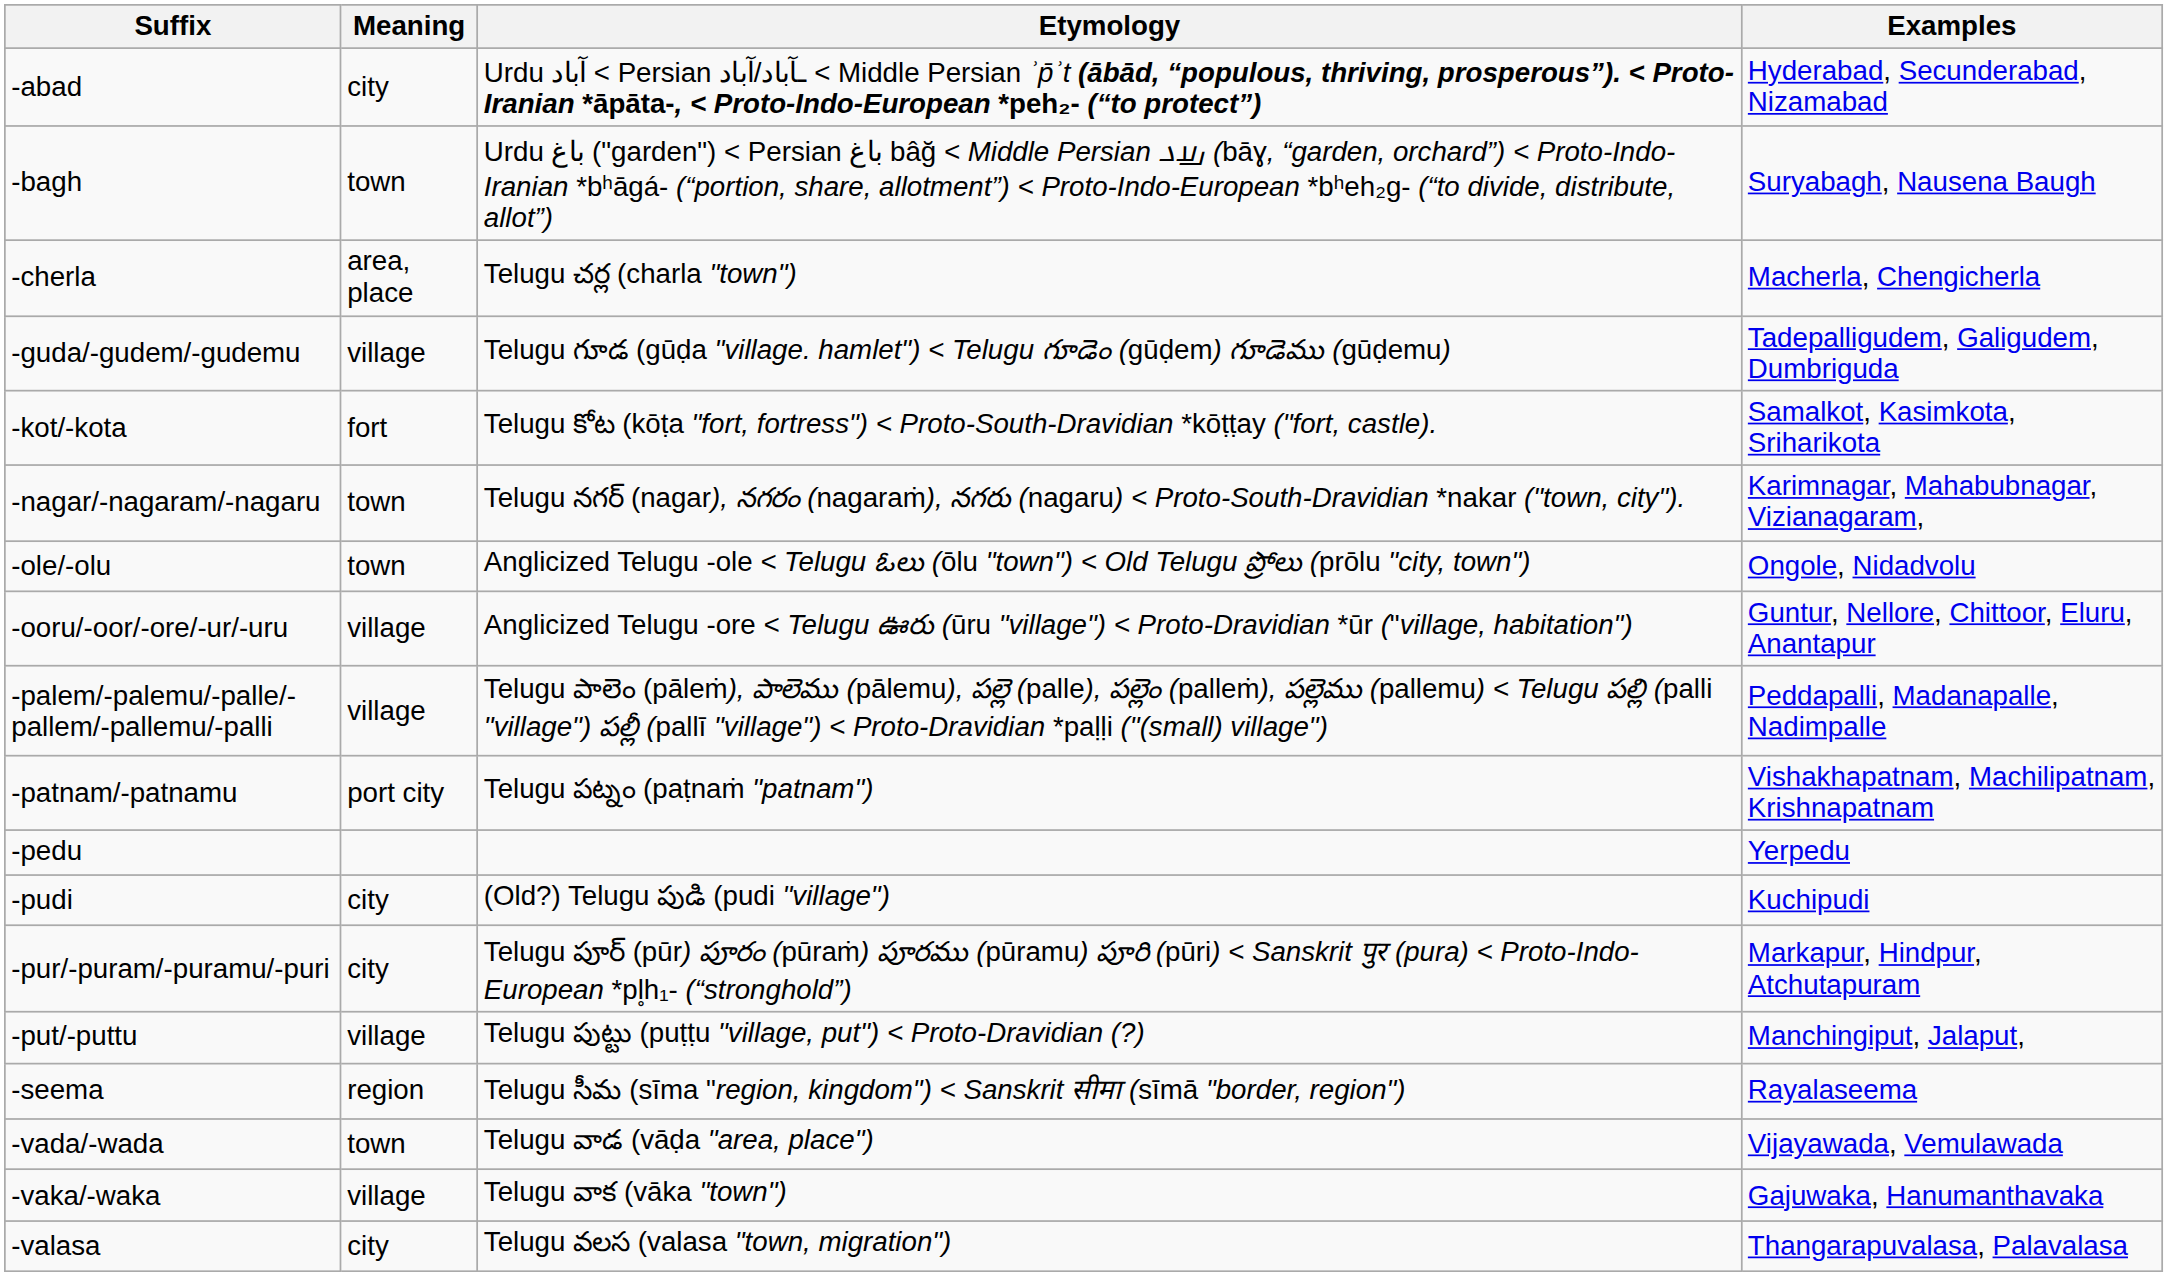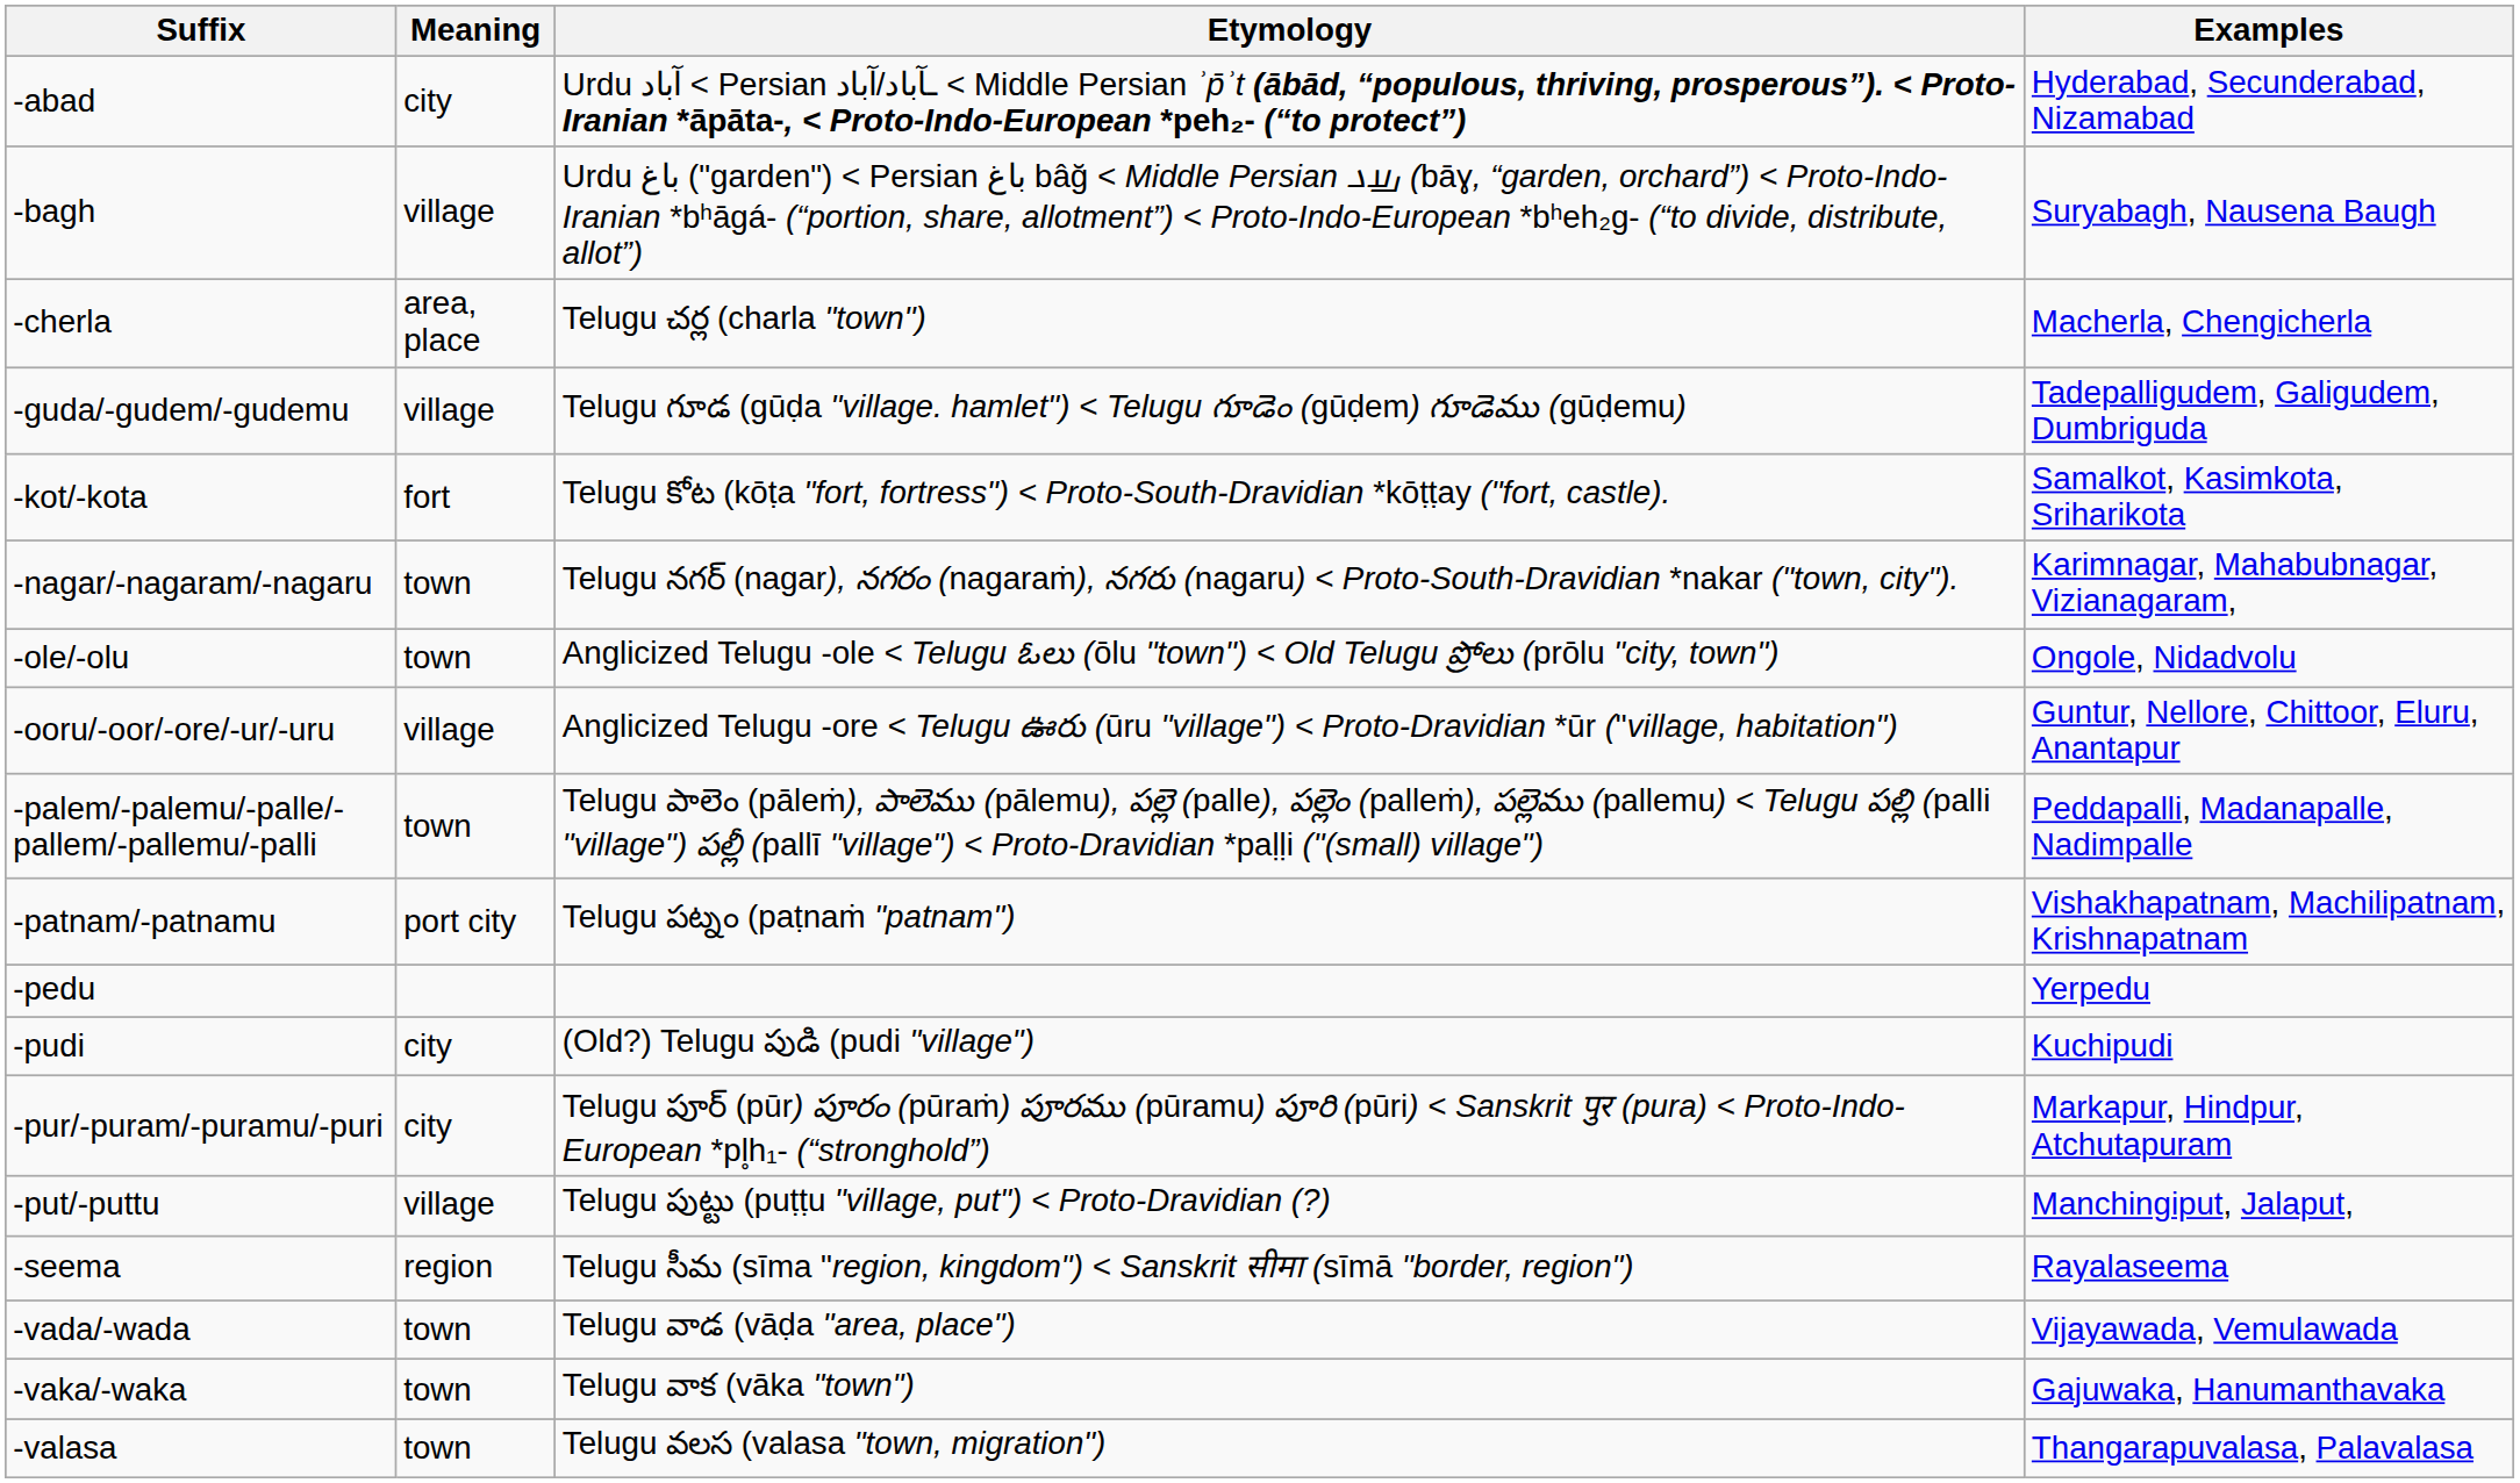 <table class="wikitable sortable">
 <tr>
 <th>Suffix</th>
 <th>Meaning</th>
 <th>Etymology</th>
 <th>Examples</th>
 </tr>
 <tr>
 <td>-abad</td>
 <td>city</td>
 <td>Urdu آباد < Persian ـآباد/آباد < Middle Persian <em>ʾp̄ʾt<strong> (ābād, “populous, thriving, prosperous”). < Proto-Iranian </em>*āpāta-<em>, < Proto-Indo-European </em>*peh₂-<em> (“to protect”)</td>
 <td><a href='#'>Hyderabad</a>, <a href='#'>Secunderabad</a>, <a href='#'>Nizamabad</a></td>
 </tr>
 <tr>
 <td>-bagh</td>
-<td>town</td>
+<td>village</td>
 <td>Urdu باغ ("garden") < Persian باغ‎ </em>bâğ<em> < Middle Persian 𐭡𐭠𐭢‎ (</em>bāɣ<em>, “garden, orchard”) <  Proto-Indo-Iranian </em>*bʰāgá-<em> (“portion, share, allotment”) < Proto-Indo-European </em>*bʰeh₂g-<em> (“to divide, distribute, allot”)</td>
 <td><a href='#'>Suryabagh</a>, <a href='#'>Nausena Baugh</a></td>
 </tr>
 <tr>
 <td>-cherla</td>
 <td>area, place</td>
 <td>Telugu చర్ల (</em>charla<em> "town")</td>
 <td><a href='#'>Macherla</a>, <a href='#'>Chengicherla</a></td>
 </tr>
 <tr>
 <td>-guda/-gudem/-gudemu</td>
 <td>village</td>
 <td>Telugu గూడ (</em>gūḍa<em> "village. hamlet") < Telugu గూడెం (</em>gūḍem<em>) గూడెము (</em>gūḍemu<em>)</td>
 <td><a href='#'>Tadepalligudem</a>, <a href='#'>Galigudem</a>, <a href='#'>Dumbriguda</a></td>
 </tr>
 <tr>
 <td>-kot/-kota</td>
 <td>fort</td>
 <td>Telugu కోట (</em>kōṭa<em> "fort, fortress") < Proto-South-Dravidian </em>*kōṭṭay<em> ("fort, castle).</td>
 <td><a href='#'>Samalkot</a>, <a href='#'>Kasimkota</a>,<br><a href='#'>Sriharikota</a></td>
 </tr>
 <tr>
 <td>-nagar/-nagaram/-nagaru</td>
 <td>town</td>
 <td>Telugu నగర్ (</em>nagar<em>), నగరం (</em>nagaraṁ<em>), నగరు (</em>nagaru<em>) < Proto-South-Dravidian </em>*nakar<em> ("town, city").</td>
 <td><a href='#'>Karimnagar</a>, <a href='#'>Mahabubnagar</a>, <a href='#'>Vizianagaram</a>,</td>
 </tr>
 <tr>
 <td>-ole/-olu</td>
 <td>town</td>
 <td>Anglicized Telugu -</em>ole<em> < Telugu ఓలు (</em>ōlu<em> "town") < Old Telugu ప్రోలు (</em>prōlu<em> "city, town")</td>
 <td><a href='#'>Ongole</a>, <a href='#'>Nidadvolu</a></td>
 </tr>
 <tr>
 <td>-ooru/-oor/-ore/-ur/-uru</td>
 <td>village</td>
 <td>Anglicized Telugu -</em>ore<em> < Telugu ఊరు (</em>ūru<em> "village") < Proto-Dravidian </em>*ūr<em> (</em>"<em>village, habitation")</td>
 <td><a href='#'>Guntur</a>, <a href='#'>Nellore</a>, <a href='#'>Chittoor</a>, <a href='#'>Eluru</a>, <a href='#'>Anantapur</a></td>
 </tr>
 <tr>
 <td>-palem/-palemu/-palle/-pallem/-pallemu/-palli</td>
-<td>village</td>
+<td>town</td>
 <td>Telugu పాలెం (</em>pāleṁ<em>), పాలెము (</em>pālemu<em>), పల్లె (</em>palle<em>), పల్లెం (</em>palleṁ<em>), పల్లెము (</em>pallemu<em>) < Telugu పల్లి (</em>palli<em> "village") పల్లీ (</em>pallī<em> "village") < Proto-Dravidian </em>*paḷḷi<em> ("(small) village")</td>
 <td><a href='#'>Peddapalli</a>, <a href='#'>Madanapalle</a>, <a href='#'>Nadimpalle</a></td>
 </tr>
 <tr>
 <td>-patnam/-patnamu</td>
 <td>port city</td>
 <td>Telugu పట్నం (</em>paṭnaṁ<em> "patnam")</td>
 <td><a href='#'>Vishakhapatnam</a>, <a href='#'>Machilipatnam</a>, <a href='#'>Krishnapatnam</a></td>
 </tr>
 <tr>
 <td>-pedu</td>
 <td></td>
 <td></td>
 <td><a href='#'>Yerpedu</a></td>
 </tr>
 <tr>
 <td>-pudi</td>
 <td>city</td>
 <td>(Old?) Telugu పుడి (</em>pudi<em> "village")</td>
 <td><a href='#'>Kuchipudi</a></td>
 </tr>
 <tr>
 <td>-pur/-puram/-puramu/-puri</td>
 <td>city</td>
 <td>Telugu పూర్ (</em>pūr<em>) పూరం (</em>pūraṁ<em>) పూరము (</em>pūramu<em>) పూరి (</em>pūri<em>) < Sanskrit पुर (pura) < Proto-Indo-European </em>*pl̥h₁-<em> (“stronghold”)</td>
 <td><a href='#'>Markapur</a>, <a href='#'>Hindpur</a>, <a href='#'>Atchutapuram</a></td>
 </tr>
 <tr>
 <td>-put/-puttu</td>
 <td>village</td>
 <td>Telugu పుట్టు (</em>puṭṭu<em> "village, put") < Proto-Dravidian (?)</td>
 <td><a href='#'>Manchingiput</a>, <a href='#'>Jalaput</a>,</td>
 </tr>
 <tr>
 <td>-seema</td>
 <td>region</td>
 <td>Telugu సీమ (</em>sīma "<em>region, kingdom") < Sanskrit सीमा (</em>sīmā<em> "border, region")</td>
 <td><a href='#'>Rayalaseema</a></td>
 </tr>
 <tr>
 <td>-vada/-wada</td>
 <td>town</td>
 <td>Telugu వాడ (v</em>āḍa<em> "area, place")</td>
 <td><a href='#'>Vijayawada</a>, <a href='#'>Vemulawada</a></td>
 </tr>
 <tr>
 <td>-vaka/-waka</td>
-<td>village</td>
+<td>town</td>
 <td>Telugu వాక (v</em>āka<em> "town")</td>
 <td><a href='#'>Gajuwaka</a>, <a href='#'>Hanumanthavaka</a></td>
 </tr>
 <tr>
 <td>-valasa</td>
-<td>city</td>
+<td>town</td>
 <td>Telugu వలస (</em>valasa<em> "town, migration")</td>
 <td><a href='#'>Thangarapuvalasa</a>, <a href='#'>Palavalasa</a></td>
 </tr>
 </table>
